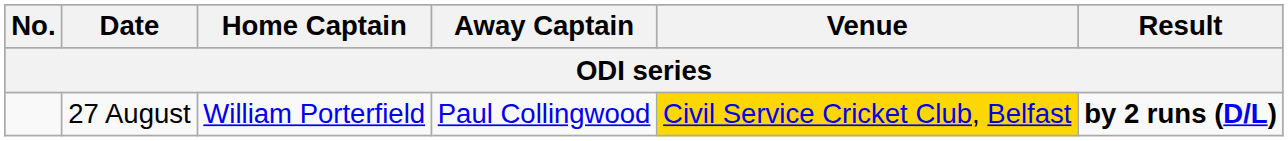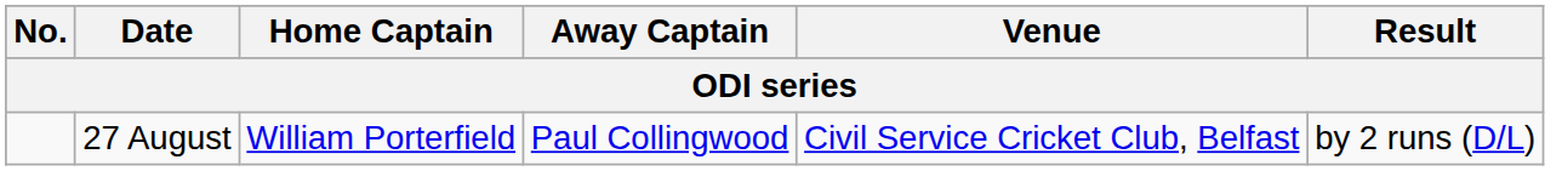 <table class="wikitable">
 <tr>
 <th>No.</th>
 <th>Date</th>
 <th>Home Captain</th>
 <th>Away Captain</th>
 <th>Venue</th>
 <th>Result</th>
 </tr>
 <tr>
 <th colspan="9">ODI series</th>
 </tr>
 <tr>
 <td></td>
 <td>27 August</td>
 <td><a href='#'>William Porterfield</a></td>
 <td><a href='#'>Paul Collingwood</a></td>
-<td style="background: gold;"><a href='#'>Civil Service Cricket Club</a>, <a href='#'>Belfast</a></td>
-<td><strong> by 2 runs (<a href='#'>D/L</a>)</strong></td>
+<td><a href='#'>Civil Service Cricket Club</a>, <a href='#'>Belfast</a></td>
+<td> by 2 runs (<a href='#'>D/L</a>)</td>
 </tr>
 </table>
